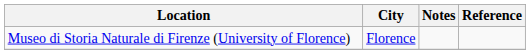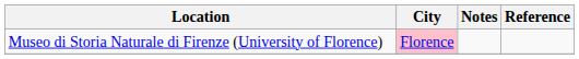 <table class="wikitable">
 <tr>
 <th Width="400">Location</th>
 <th>City</th>
 <th>Notes</th>
 <th>Reference</th>
 </tr>
 <tr>
 <td><a href='#'>Museo di Storia Naturale di Firenze</a> (<a href='#'>University of Florence</a>)</td>
-<td><a href='#'>Florence</a></td>
+<td style="background: pink;"><a href='#'>Florence</a></td>
 <td></td>
 <td></td>
 </tr>
 <tr>
 </tr>
 </table>
